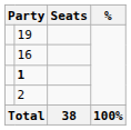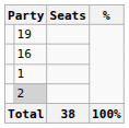 <table class=wikitable>
 <tr>
 <th colspan=2>Party</th>
 <th>Seats</th>
 <th>%</th>
 </tr>
 <tr>
 <td></td>
 <td>19</td>
 <td></td>
 </tr>
 <tr>
 <td></td>
 <td>16</td>
 <td></td>
 </tr>
 <tr>
 <td></td>
-<td><strong>1</strong></td>
+<td>1</td>
 <td></td>
 </tr>
 <tr>
 <td></td>
-<td>2</td>
+<td style="background: lightgrey;">2</td>
 <td></td>
 </tr>
 <tr>
 <th colspan=2>Total</th>
 <th>38</th>
 <th>100%</th>
 </tr>
 </table>
